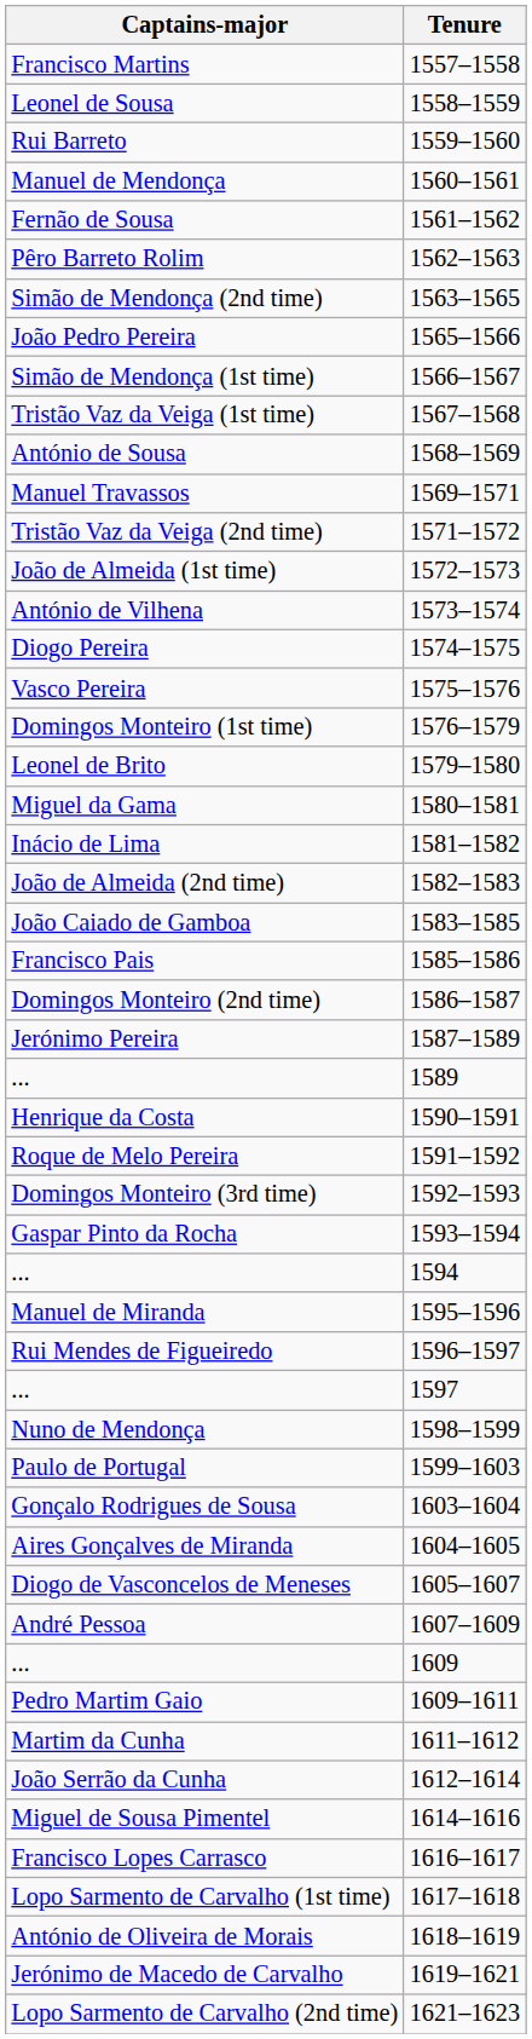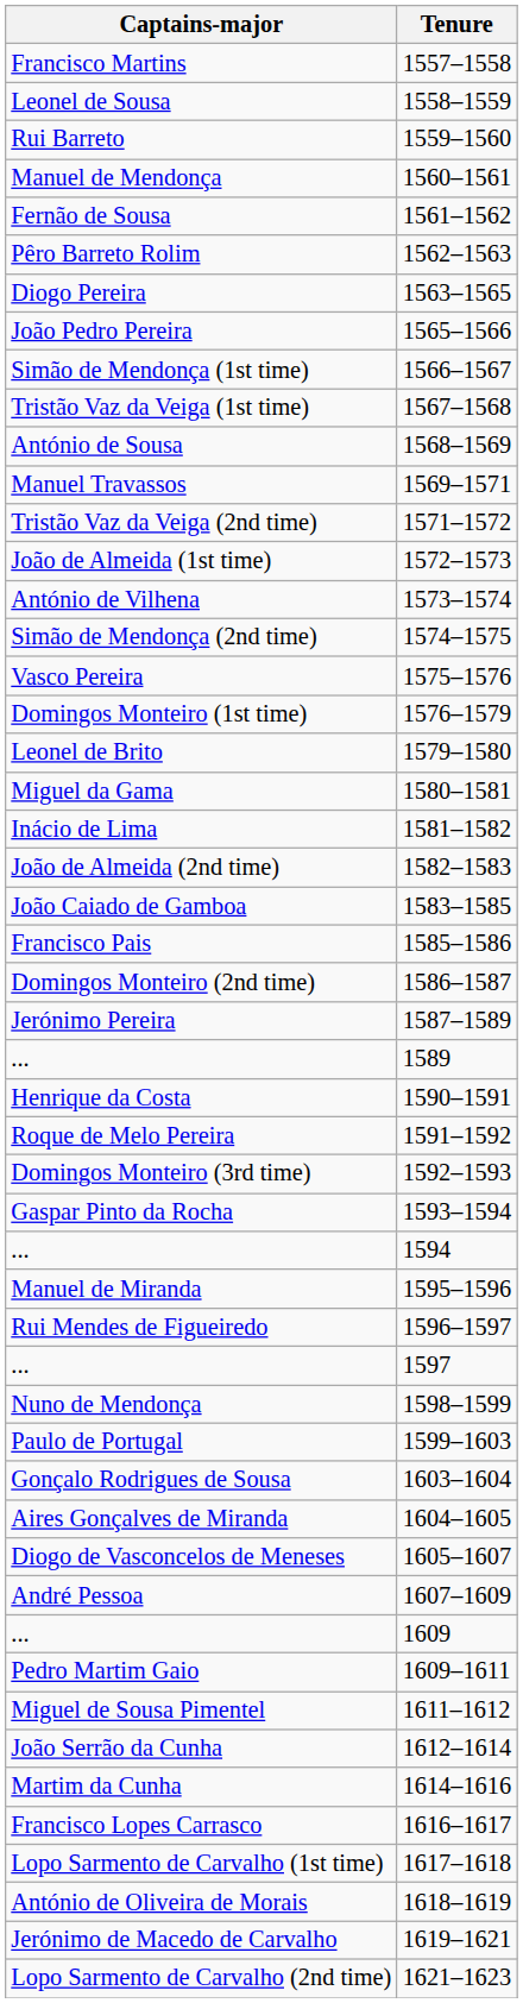 <table class="wikitable">
 <tr>
 <th>Captains-major</th>
 <th>Tenure</th>
 </tr>
 <tr>
 <td><a href='#'>Francisco Martins</a></td>
 <td>1557–1558</td>
 </tr>
 <tr>
 <td><a href='#'>Leonel de Sousa</a></td>
 <td>1558–1559</td>
 </tr>
 <tr>
 <td><a href='#'>Rui Barreto</a></td>
 <td>1559–1560</td>
 </tr>
 <tr>
 <td><a href='#'>Manuel de Mendonça</a></td>
 <td>1560–1561</td>
 </tr>
 <tr>
 <td><a href='#'>Fernão de Sousa</a></td>
 <td>1561–1562</td>
 </tr>
 <tr>
 <td><a href='#'>Pêro Barreto Rolim</a></td>
 <td>1562–1563</td>
 </tr>
 <tr>
-<td><a href='#'>Simão de Mendonça</a> (2nd time)</td>
+<td><a href='#'>Diogo Pereira</a></td>
 <td>1563–1565</td>
 </tr>
 <tr>
 <td><a href='#'>João Pedro Pereira</a></td>
 <td>1565–1566</td>
 </tr>
 <tr>
 <td><a href='#'>Simão de Mendonça</a> (1st time)</td>
 <td>1566–1567</td>
 </tr>
 <tr>
 <td><a href='#'>Tristão Vaz da Veiga</a> (1st time)</td>
 <td>1567–1568</td>
 </tr>
 <tr>
 <td><a href='#'>António de Sousa</a></td>
 <td>1568–1569</td>
 </tr>
 <tr>
 <td><a href='#'>Manuel Travassos</a></td>
 <td>1569–1571</td>
 </tr>
 <tr>
 <td><a href='#'>Tristão Vaz da Veiga</a> (2nd time)</td>
 <td>1571–1572</td>
 </tr>
 <tr>
 <td><a href='#'>João de Almeida</a> (1st time)</td>
 <td>1572–1573</td>
 </tr>
 <tr>
 <td><a href='#'>António de Vilhena</a></td>
 <td>1573–1574</td>
 </tr>
 <tr>
-<td><a href='#'>Diogo Pereira</a></td>
+<td><a href='#'>Simão de Mendonça</a> (2nd time)</td>
 <td>1574–1575</td>
 </tr>
 <tr>
 <td><a href='#'>Vasco Pereira</a></td>
 <td>1575–1576</td>
 </tr>
 <tr>
 <td><a href='#'>Domingos Monteiro</a> (1st time)</td>
 <td>1576–1579</td>
 </tr>
 <tr>
 <td><a href='#'>Leonel de Brito</a></td>
 <td>1579–1580</td>
 </tr>
 <tr>
 <td><a href='#'>Miguel da Gama</a></td>
 <td>1580–1581</td>
 </tr>
 <tr>
 <td><a href='#'>Inácio de Lima</a></td>
 <td>1581–1582</td>
 </tr>
 <tr>
 <td><a href='#'>João de Almeida</a> (2nd time)</td>
 <td>1582–1583</td>
 </tr>
 <tr>
 <td><a href='#'>João Caiado de Gamboa</a></td>
 <td>1583–1585</td>
 </tr>
 <tr>
 <td><a href='#'>Francisco Pais</a></td>
 <td>1585–1586</td>
 </tr>
 <tr>
 <td><a href='#'>Domingos Monteiro</a> (2nd time)</td>
 <td>1586–1587</td>
 </tr>
 <tr>
 <td><a href='#'>Jerónimo Pereira</a></td>
 <td>1587–1589</td>
 </tr>
 <tr>
 <td>...</td>
 <td>1589</td>
 </tr>
 <tr>
 <td><a href='#'>Henrique da Costa</a></td>
 <td>1590–1591</td>
 </tr>
 <tr>
 <td><a href='#'>Roque de Melo Pereira</a></td>
 <td>1591–1592</td>
 </tr>
 <tr>
 <td><a href='#'>Domingos Monteiro</a> (3rd time)</td>
 <td>1592–1593</td>
 </tr>
 <tr>
 <td><a href='#'>Gaspar Pinto da Rocha</a></td>
 <td>1593–1594</td>
 </tr>
 <tr>
 <td>...</td>
 <td>1594</td>
 </tr>
 <tr>
 <td><a href='#'>Manuel de Miranda</a></td>
 <td>1595–1596</td>
 </tr>
 <tr>
 <td><a href='#'>Rui Mendes de Figueiredo</a></td>
 <td>1596–1597</td>
 </tr>
 <tr>
 <td>...</td>
 <td>1597</td>
 </tr>
 <tr>
 <td><a href='#'>Nuno de Mendonça</a></td>
 <td>1598–1599</td>
 </tr>
 <tr>
 <td><a href='#'>Paulo de Portugal</a></td>
 <td>1599–1603</td>
 </tr>
 <tr>
 <td><a href='#'>Gonçalo Rodrigues de Sousa</a></td>
 <td>1603–1604</td>
 </tr>
 <tr>
 <td><a href='#'>Aires Gonçalves de Miranda</a></td>
 <td>1604–1605</td>
 </tr>
 <tr>
 <td><a href='#'>Diogo de Vasconcelos de Meneses</a></td>
 <td>1605–1607</td>
 </tr>
 <tr>
 <td><a href='#'>André Pessoa</a></td>
 <td>1607–1609</td>
 </tr>
 <tr>
 <td>...</td>
 <td>1609</td>
 </tr>
 <tr>
 <td><a href='#'>Pedro Martim Gaio</a></td>
 <td>1609–1611</td>
 </tr>
 <tr>
-<td><a href='#'>Martim da Cunha</a></td>
+<td><a href='#'>Miguel de Sousa Pimentel</a></td>
 <td>1611–1612</td>
 </tr>
 <tr>
 <td><a href='#'>João Serrão da Cunha</a></td>
 <td>1612–1614</td>
 </tr>
 <tr>
-<td><a href='#'>Miguel de Sousa Pimentel</a></td>
+<td><a href='#'>Martim da Cunha</a></td>
 <td>1614–1616</td>
 </tr>
 <tr>
 <td><a href='#'>Francisco Lopes Carrasco</a></td>
 <td>1616–1617</td>
 </tr>
 <tr>
 <td><a href='#'>Lopo Sarmento de Carvalho</a> (1st time)</td>
 <td>1617–1618</td>
 </tr>
 <tr>
 <td><a href='#'>António de Oliveira de Morais</a></td>
 <td>1618–1619</td>
 </tr>
 <tr>
 <td><a href='#'>Jerónimo de Macedo de Carvalho</a></td>
 <td>1619–1621</td>
 </tr>
 <tr>
 <td><a href='#'>Lopo Sarmento de Carvalho</a> (2nd time)</td>
 <td>1621–1623</td>
 </tr>
 </table>
